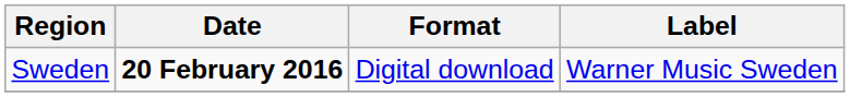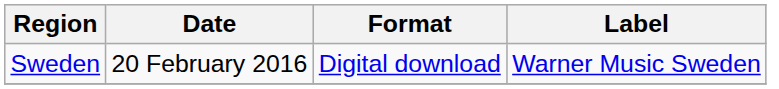 <table class=wikitable>
 <tr>
 <th>Region</th>
 <th>Date</th>
 <th>Format</th>
 <th>Label</th>
 </tr>
 <tr>
 <td><a href='#'>Sweden</a></td>
-<td><strong>20 February 2016</strong></td>
+<td>20 February 2016</td>
 <td><a href='#'>Digital download</a></td>
 <td><a href='#'>Warner Music Sweden</a></td>
 </tr>
 <tr>
 </tr>
 </table>
